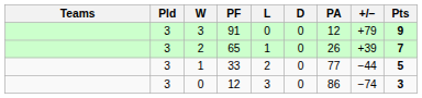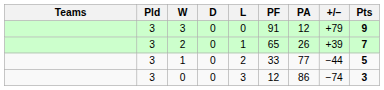 <table class="wikitable" style="text-align: center;">
 <tr>
 <th width="200">Teams</th>
 <th width="40">Pld</th>
 <th width="40">W</th>
+<th width="40">D</th>
+<th width="40">L</th>
 <th width="40">PF</th>
-<th width="40">L</th>
-<th width="40">D</th>
 <th width="40">PA</th>
 <th width="40">+/−</th>
 <th width="40">Pts</th>
 </tr>
 <tr bgcolor=ccffcc>
 <td align=left></td>
 <td>3</td>
 <td>3</td>
-<td>91</td>
 <td>0</td>
 <td>0</td>
+<td>91</td>
 <td>12</td>
 <td>+79</td>
 <td><strong>9</strong></td>
 </tr>
 <tr bgcolor=ccffcc>
 <td align=left></td>
 <td>3</td>
 <td>2</td>
+<td>0</td>
+<td>1</td>
 <td>65</td>
-<td>1</td>
-<td>0</td>
 <td>26</td>
 <td>+39</td>
 <td><strong>7</strong></td>
 </tr>
 <tr>
 <td align=left></td>
 <td>3</td>
 <td>1</td>
+<td>0</td>
+<td>2</td>
 <td>33</td>
-<td>2</td>
-<td>0</td>
 <td>77</td>
 <td>−44</td>
 <td><strong>5</strong></td>
 </tr>
 <tr>
 <td align=left></td>
 <td>3</td>
 <td>0</td>
+<td>0</td>
+<td>3</td>
 <td>12</td>
-<td>3</td>
-<td>0</td>
 <td>86</td>
 <td>−74</td>
 <td><strong>3</strong></td>
 </tr>
 </table>
